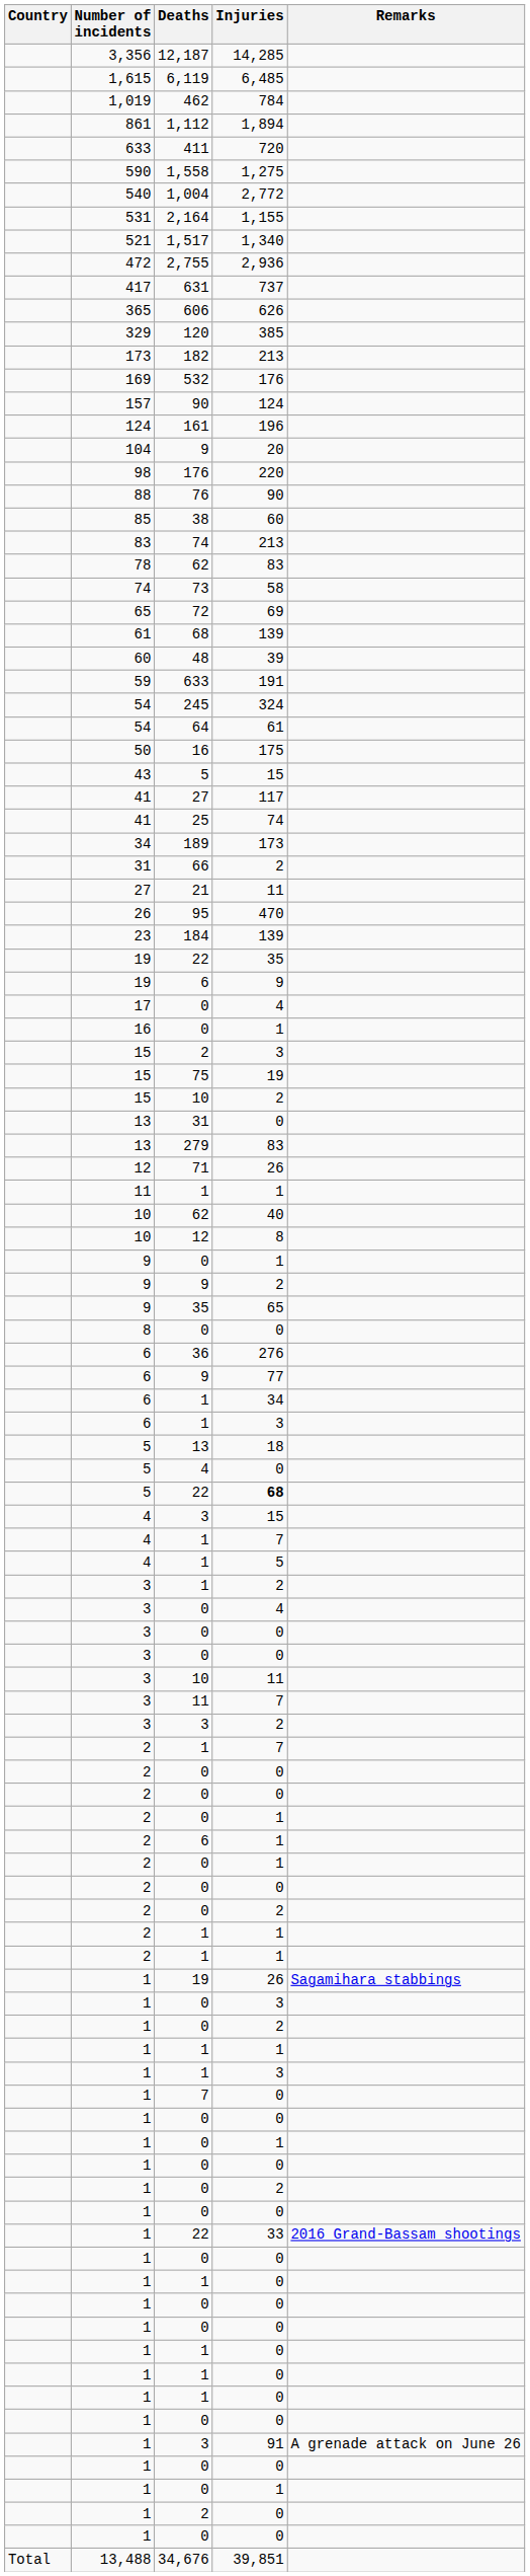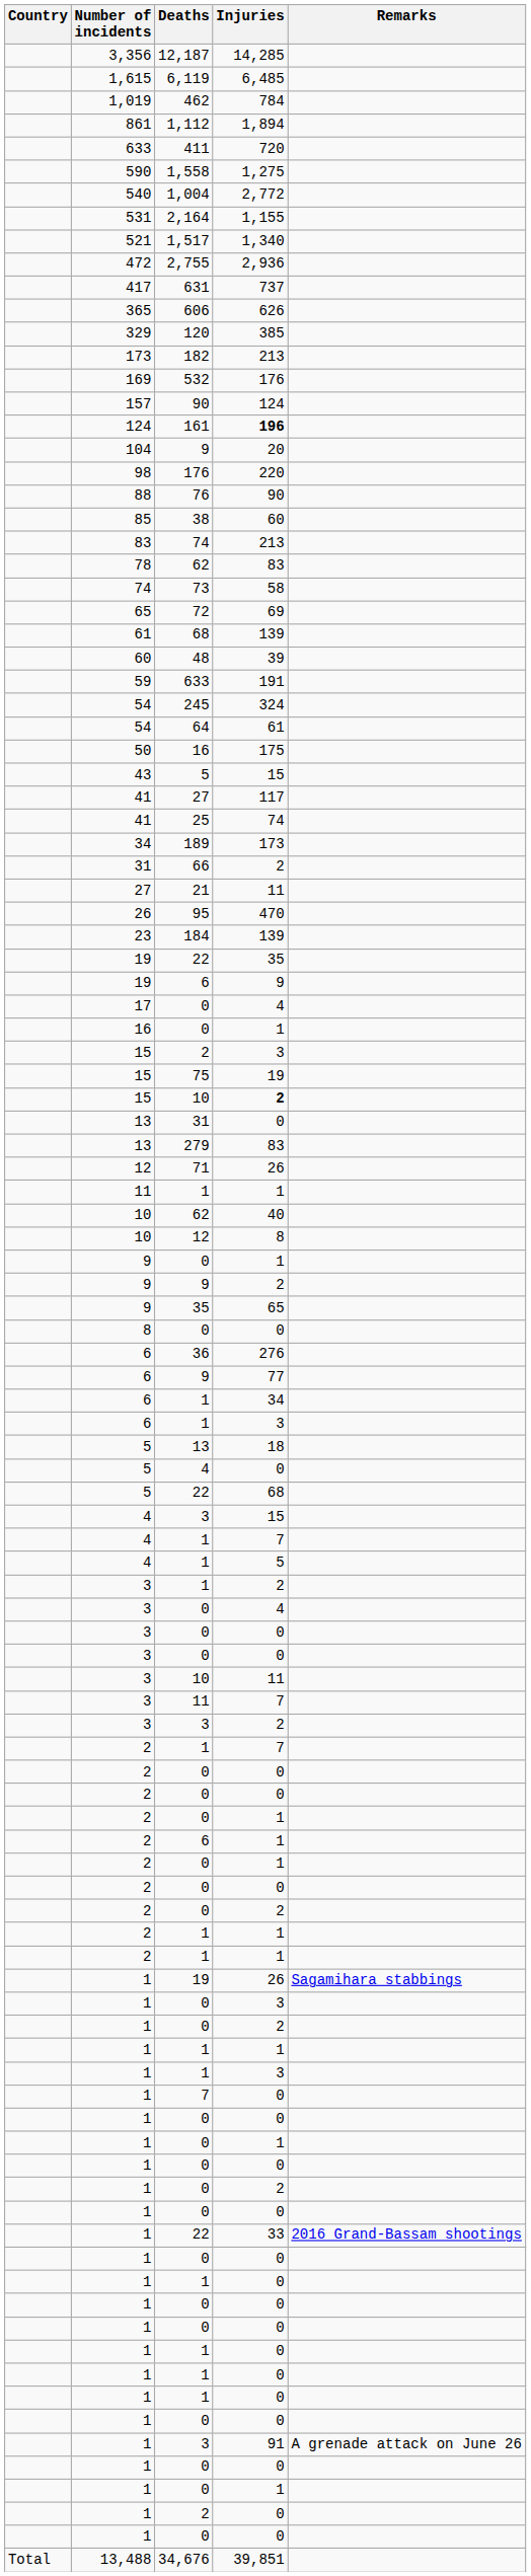 <table class="wikitable sortable" style="text-align:right">
 <tr style="background:#ececec; vertical-align:top;">
 <th>Country</th>
 <th>Number of<br>incidents</th>
 <th>Deaths</th>
 <th>Injuries</th>
 <th>Remarks</th>
 </tr>
 <tr>
 <td align=left></td>
 <td>3,356</td>
 <td>12,187</td>
 <td>14,285</td>
 <td></td>
 </tr>
 <tr>
 <td align=left></td>
 <td>1,615</td>
 <td>6,119</td>
 <td>6,485</td>
 <td></td>
 </tr>
 <tr>
 <td align=left></td>
 <td>1,019</td>
 <td>462</td>
 <td>784</td>
 <td></td>
 </tr>
 <tr>
 <td align=left></td>
 <td>861</td>
 <td>1,112</td>
 <td>1,894</td>
 <td></td>
 </tr>
 <tr>
 <td align=left></td>
 <td>633</td>
 <td>411</td>
 <td>720</td>
 <td></td>
 </tr>
 <tr>
 <td align=left></td>
 <td>590</td>
 <td>1,558</td>
 <td>1,275</td>
 <td></td>
 </tr>
 <tr>
 <td align=left></td>
 <td>540</td>
 <td>1,004</td>
 <td>2,772</td>
 <td></td>
 </tr>
 <tr>
 <td align=left></td>
 <td>531</td>
 <td>2,164</td>
 <td>1,155</td>
 <td></td>
 </tr>
 <tr>
 <td align=left></td>
 <td>521</td>
 <td>1,517</td>
 <td>1,340</td>
 <td></td>
 </tr>
 <tr>
 <td align=left></td>
 <td>472</td>
 <td>2,755</td>
 <td>2,936</td>
 <td></td>
 </tr>
 <tr>
 <td align=left></td>
 <td>417</td>
 <td>631</td>
 <td>737</td>
 <td></td>
 </tr>
 <tr>
 <td align=left></td>
 <td>365</td>
 <td>606</td>
 <td>626</td>
 <td></td>
 </tr>
 <tr>
 <td align=left></td>
 <td>329</td>
 <td>120</td>
 <td>385</td>
 <td></td>
 </tr>
 <tr>
 <td align=left></td>
 <td>173</td>
 <td>182</td>
 <td>213</td>
 <td></td>
 </tr>
 <tr>
 <td align=left></td>
 <td>169</td>
 <td>532</td>
 <td>176</td>
 <td></td>
 </tr>
 <tr>
 <td align=left></td>
 <td>157</td>
 <td>90</td>
 <td>124</td>
 <td></td>
 </tr>
 <tr>
 <td align=left></td>
 <td>124</td>
 <td>161</td>
-<td>196</td>
+<td><strong>196</strong></td>
 <td></td>
 </tr>
 <tr>
 <td align=left></td>
 <td>104</td>
 <td>9</td>
 <td>20</td>
 <td></td>
 </tr>
 <tr>
 <td align=left></td>
 <td>98</td>
 <td>176</td>
 <td>220</td>
 <td></td>
 </tr>
 <tr>
 <td align=left></td>
 <td>88</td>
 <td>76</td>
 <td>90</td>
 <td></td>
 </tr>
 <tr>
 <td align=left></td>
 <td>85</td>
 <td>38</td>
 <td>60</td>
 <td></td>
 </tr>
 <tr>
 <td align=left></td>
 <td>83</td>
 <td>74</td>
 <td>213</td>
 <td></td>
 </tr>
 <tr>
 <td align=left></td>
 <td>78</td>
 <td>62</td>
 <td>83</td>
 <td></td>
 </tr>
 <tr>
 <td align=left></td>
 <td>74</td>
 <td>73</td>
 <td>58</td>
 <td></td>
 </tr>
 <tr>
 <td align=left></td>
 <td>65</td>
 <td>72</td>
 <td>69</td>
 <td></td>
 </tr>
 <tr>
 <td align=left></td>
 <td>61</td>
 <td>68</td>
 <td>139</td>
 <td></td>
 </tr>
 <tr>
 <td align=left></td>
 <td>60</td>
 <td>48</td>
 <td>39</td>
 <td></td>
 </tr>
 <tr>
 <td align=left></td>
 <td>59</td>
 <td>633</td>
 <td>191</td>
 <td></td>
 </tr>
 <tr>
 <td align=left></td>
 <td>54</td>
 <td>245</td>
 <td>324</td>
 <td></td>
 </tr>
 <tr>
 <td align=left></td>
 <td>54</td>
 <td>64</td>
 <td>61</td>
 <td></td>
 </tr>
 <tr>
 <td align=left></td>
 <td>50</td>
 <td>16</td>
 <td>175</td>
 <td></td>
 </tr>
 <tr>
 <td align=left></td>
 <td>43</td>
 <td>5</td>
 <td>15</td>
 <td></td>
 </tr>
 <tr>
 <td align=left></td>
 <td>41</td>
 <td>27</td>
 <td>117</td>
 <td></td>
 </tr>
 <tr>
 <td align=left></td>
 <td>41</td>
 <td>25</td>
 <td>74</td>
 <td></td>
 </tr>
 <tr>
 <td align=left></td>
 <td>34</td>
 <td>189</td>
 <td>173</td>
 <td></td>
 </tr>
 <tr>
 <td align=left></td>
 <td>31</td>
 <td>66</td>
 <td>2</td>
 <td></td>
 </tr>
 <tr>
 <td align=left></td>
 <td>27</td>
 <td>21</td>
 <td>11</td>
 <td></td>
 </tr>
 <tr>
 <td align=left></td>
 <td>26</td>
 <td>95</td>
 <td>470</td>
 <td></td>
 </tr>
 <tr>
 <td align=left></td>
 <td>23</td>
 <td>184</td>
 <td>139</td>
 <td></td>
 </tr>
 <tr>
 <td align=left></td>
 <td>19</td>
 <td>22</td>
 <td>35</td>
 <td></td>
 </tr>
 <tr>
 <td align=left></td>
 <td>19</td>
 <td>6</td>
 <td>9</td>
 <td></td>
 </tr>
 <tr>
 <td align=left></td>
 <td>17</td>
 <td>0</td>
 <td>4</td>
 <td></td>
 </tr>
 <tr>
 <td align=left></td>
 <td>16</td>
 <td>0</td>
 <td>1</td>
 <td></td>
 </tr>
 <tr>
 <td align=left></td>
 <td>15</td>
 <td>2</td>
 <td>3</td>
 <td></td>
 </tr>
 <tr>
 <td align=left></td>
 <td>15</td>
 <td>75</td>
 <td>19</td>
 <td></td>
 </tr>
 <tr>
 <td align=left></td>
 <td>15</td>
 <td>10</td>
-<td>2</td>
+<td><strong>2</strong></td>
 <td></td>
 </tr>
 <tr>
 <td align=left></td>
 <td>13</td>
 <td>31</td>
 <td>0</td>
 <td></td>
 </tr>
 <tr>
 <td align=left></td>
 <td>13</td>
 <td>279</td>
 <td>83</td>
 <td></td>
 </tr>
 <tr>
 <td align=left></td>
 <td>12</td>
 <td>71</td>
 <td>26</td>
 <td></td>
 </tr>
 <tr>
 <td align=left></td>
 <td>11</td>
 <td>1</td>
 <td>1</td>
 <td></td>
 </tr>
 <tr>
 <td align=left></td>
 <td>10</td>
 <td>62</td>
 <td>40</td>
 <td></td>
 </tr>
 <tr>
 <td align=left></td>
 <td>10</td>
 <td>12</td>
 <td>8</td>
 <td></td>
 </tr>
 <tr>
 <td align=left></td>
 <td>9</td>
 <td>0</td>
 <td>1</td>
 <td></td>
 </tr>
 <tr>
 <td align=left></td>
 <td>9</td>
 <td>9</td>
 <td>2</td>
 <td></td>
 </tr>
 <tr>
 <td align=left></td>
 <td>9</td>
 <td>35</td>
 <td>65</td>
 <td></td>
 </tr>
 <tr>
 <td align=left></td>
 <td>8</td>
 <td>0</td>
 <td>0</td>
 <td></td>
 </tr>
 <tr>
 <td align=left></td>
 <td>6</td>
 <td>36</td>
 <td>276</td>
 <td></td>
 </tr>
 <tr>
 <td align=left></td>
 <td>6</td>
 <td>9</td>
 <td>77</td>
 <td></td>
 </tr>
 <tr>
 <td align=left></td>
 <td>6</td>
 <td>1</td>
 <td>34</td>
 <td></td>
 </tr>
 <tr>
 <td align=left></td>
 <td>6</td>
 <td>1</td>
 <td>3</td>
 <td></td>
 </tr>
 <tr>
 <td align=left></td>
 <td>5</td>
 <td>13</td>
 <td>18</td>
 <td></td>
 </tr>
 <tr>
 <td align=left></td>
 <td>5</td>
 <td>4</td>
 <td>0</td>
 <td></td>
 </tr>
 <tr>
 <td align=left></td>
 <td>5</td>
 <td>22</td>
-<td><strong>68</strong></td>
+<td>68</td>
 <td></td>
 </tr>
 <tr>
 <td align=left></td>
 <td>4</td>
 <td>3</td>
 <td>15</td>
 <td></td>
 </tr>
 <tr>
 <td align=left></td>
 <td>4</td>
 <td>1</td>
 <td>7</td>
 <td></td>
 </tr>
 <tr>
 <td align=left></td>
 <td>4</td>
 <td>1</td>
 <td>5</td>
 <td></td>
 </tr>
 <tr>
 <td align=left></td>
 <td>3</td>
 <td>1</td>
 <td>2</td>
 <td></td>
 </tr>
 <tr>
 <td align=left></td>
 <td>3</td>
 <td>0</td>
 <td>4</td>
 <td></td>
 </tr>
 <tr>
 <td align=left></td>
 <td>3</td>
 <td>0</td>
 <td>0</td>
 <td></td>
 </tr>
 <tr>
 <td align=left></td>
 <td>3</td>
 <td>0</td>
 <td>0</td>
 <td></td>
 </tr>
 <tr>
 <td align=left></td>
 <td>3</td>
 <td>10</td>
 <td>11</td>
 <td></td>
 </tr>
 <tr>
 <td align=left></td>
 <td>3</td>
 <td>11</td>
 <td>7</td>
 <td></td>
 </tr>
 <tr>
 <td align=left></td>
 <td>3</td>
 <td>3</td>
 <td>2</td>
 <td></td>
 </tr>
 <tr>
 <td align=left></td>
 <td>2</td>
 <td>1</td>
 <td>7</td>
 <td></td>
 </tr>
 <tr>
 <td align=left></td>
 <td>2</td>
 <td>0</td>
 <td>0</td>
 <td></td>
 </tr>
 <tr>
 <td align=left></td>
 <td>2</td>
 <td>0</td>
 <td>0</td>
 <td></td>
 </tr>
 <tr>
 <td align=left></td>
 <td>2</td>
 <td>0</td>
 <td>1</td>
 <td></td>
 </tr>
 <tr>
 <td align=left></td>
 <td>2</td>
 <td>6</td>
 <td>1</td>
 <td></td>
 </tr>
 <tr>
 <td align=left></td>
 <td>2</td>
 <td>0</td>
 <td>1</td>
 <td></td>
 </tr>
 <tr>
 <td align=left></td>
 <td>2</td>
 <td>0</td>
 <td>0</td>
 <td></td>
 </tr>
 <tr>
 <td align=left></td>
 <td>2</td>
 <td>0</td>
 <td>2</td>
 <td></td>
 </tr>
 <tr>
 <td align=left></td>
 <td>2</td>
 <td>1</td>
 <td>1</td>
 <td></td>
 </tr>
 <tr>
 <td align=left></td>
 <td>2</td>
 <td>1</td>
 <td>1</td>
 <td></td>
 </tr>
 <tr>
 <td align=left></td>
 <td>1</td>
 <td>19</td>
 <td>26</td>
 <td align=left><a href='#'>Sagamihara stabbings</a></td>
 </tr>
 <tr>
 <td align=left></td>
 <td>1</td>
 <td>0</td>
 <td>3</td>
 <td></td>
 </tr>
 <tr>
 <td align=left></td>
 <td>1</td>
 <td>0</td>
 <td>2</td>
 <td></td>
 </tr>
 <tr>
 <td align=left></td>
 <td>1</td>
 <td>1</td>
 <td>1</td>
 <td></td>
 </tr>
 <tr>
 <td align=left></td>
 <td>1</td>
 <td>1</td>
 <td>3</td>
 <td></td>
 </tr>
 <tr>
 <td align=left></td>
 <td>1</td>
 <td>7</td>
 <td>0</td>
 <td></td>
 </tr>
 <tr>
 <td align=left></td>
 <td>1</td>
 <td>0</td>
 <td>0</td>
 <td></td>
 </tr>
 <tr>
 <td align=left></td>
 <td>1</td>
 <td>0</td>
 <td>1</td>
 <td></td>
 </tr>
 <tr>
 <td align=left></td>
 <td>1</td>
 <td>0</td>
 <td>0</td>
 <td></td>
 </tr>
 <tr>
 <td align=left></td>
 <td>1</td>
 <td>0</td>
 <td>2</td>
 <td></td>
 </tr>
 <tr>
 <td align=left></td>
 <td>1</td>
 <td>0</td>
 <td>0</td>
 <td></td>
 </tr>
 <tr>
 <td align=left></td>
 <td>1</td>
 <td>22</td>
 <td>33</td>
 <td align=left><a href='#'>2016 Grand-Bassam shootings</a></td>
 </tr>
 <tr>
 <td align=left></td>
 <td>1</td>
 <td>0</td>
 <td>0</td>
 <td></td>
 </tr>
 <tr>
 <td align=left></td>
 <td>1</td>
 <td>1</td>
 <td>0</td>
 <td></td>
 </tr>
 <tr>
 <td align=left></td>
 <td>1</td>
 <td>0</td>
 <td>0</td>
 <td></td>
 </tr>
 <tr>
 <td align=left></td>
 <td>1</td>
 <td>0</td>
 <td>0</td>
 <td></td>
 </tr>
 <tr>
 <td align=left></td>
 <td>1</td>
 <td>1</td>
 <td>0</td>
 <td></td>
 </tr>
 <tr>
 <td align=left></td>
 <td>1</td>
 <td>1</td>
 <td>0</td>
 <td></td>
 </tr>
 <tr>
 <td align=left></td>
 <td>1</td>
 <td>1</td>
 <td>0</td>
 <td></td>
 </tr>
 <tr>
 <td align=left></td>
 <td>1</td>
 <td>0</td>
 <td>0</td>
 <td></td>
 </tr>
 <tr>
 <td align=left></td>
 <td>1</td>
 <td>3</td>
 <td>91</td>
 <td align=left>A grenade attack on June 26</td>
 </tr>
 <tr>
 <td align=left></td>
 <td>1</td>
 <td>0</td>
 <td>0</td>
 <td></td>
 </tr>
 <tr>
 <td align=left></td>
 <td>1</td>
 <td>0</td>
 <td>1</td>
 <td></td>
 </tr>
 <tr>
 <td align=left></td>
 <td>1</td>
 <td>2</td>
 <td>0</td>
 <td></td>
 </tr>
 <tr>
 <td align=left></td>
 <td>1</td>
 <td>0</td>
 <td>0</td>
 <td></td>
 </tr>
 <tr>
 <td align=left>Total</td>
 <td>13,488</td>
 <td>34,676</td>
 <td>39,851</td>
 </tr>
 </table>
